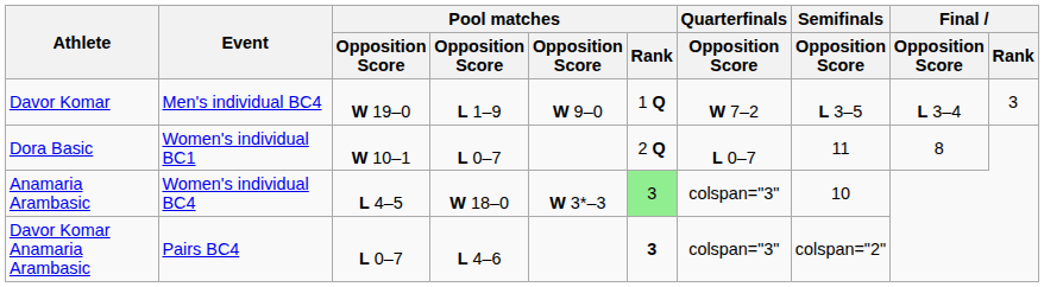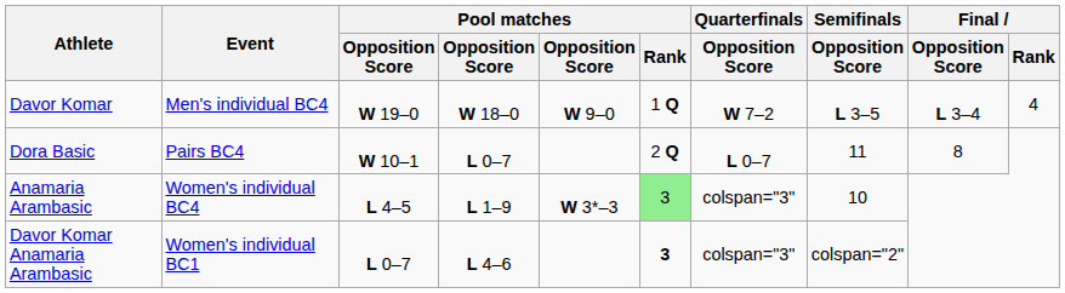 <table class=wikitable style="font-size:90%">
 <tr>
 <th rowspan="2">Athlete</th>
 <th rowspan="2">Event</th>
 <th colspan="4">Pool matches</th>
 <th>Quarterfinals</th>
 <th>Semifinals</th>
 <th colspan=2>Final / </th>
 </tr>
 <tr>
 <th>Opposition<br>Score</th>
 <th>Opposition<br>Score</th>
 <th>Opposition<br>Score</th>
 <th>Rank</th>
 <th>Opposition<br>Score</th>
 <th>Opposition<br>Score</th>
 <th>Opposition<br>Score</th>
 <th>Rank</th>
 </tr>
 <tr align=center>
 <td align=left><a href='#'>Davor Komar</a></td>
 <td align=left><a href='#'>Men's individual BC4</a></td>
 <td><br><strong>W</strong> 19–0</td>
-<td><br><strong>L</strong> 1–9</td>
+<td><br><strong>W</strong> 18–0</td>
 <td><br><strong>W</strong> 9–0</td>
 <td>1 <strong>Q</strong></td>
 <td><br><strong>W</strong> 7–2</td>
 <td><br><strong>L</strong> 3–5</td>
 <td><br><strong>L</strong> 3–4</td>
-<td>3</td>
+<td>4</td>
 </tr>
 <tr align=center>
 <td align=left><a href='#'>Dora Basic</a></td>
-<td align=left><a href='#'>Women's individual BC1</a></td>
+<td align=left><a href='#'>Pairs BC4</a></td>
 <td><br><strong>W</strong> 10–1</td>
 <td><br><strong>L</strong> 0–7</td>
 <td></td>
 <td>2 <strong>Q</strong></td>
 <td><br><strong>L</strong> 0–7</td>
 <td>11</td>
 <td>8</td>
 </tr>
 <tr align=center>
 <td align=left><a href='#'>Anamaria Arambasic</a></td>
 <td align=left><a href='#'>Women's individual BC4</a></td>
 <td><br><strong>L</strong> 4–5</td>
-<td><br><strong>W</strong> 18–0</td>
+<td><br><strong>L</strong> 1–9</td>
 <td><br><strong>W</strong> 3*–3</td>
 <td style="background: lightgreen;">3</td>
 <td>colspan="3" </td>
 <td>10</td>
 </tr>
 <tr align=center>
 <td align=left><a href='#'>Davor Komar</a><br><a href='#'>Anamaria Arambasic</a></td>
-<td align=left><a href='#'>Pairs BC4</a></td>
+<td align=left><a href='#'>Women's individual BC1</a></td>
 <td><br><strong>L</strong> 0–7</td>
 <td><br><strong>L</strong> 4–6</td>
 <td></td>
 <td><strong>3</strong></td>
 <td>colspan="3" </td>
 <td>colspan="2" </td>
 </tr>
 </table>
